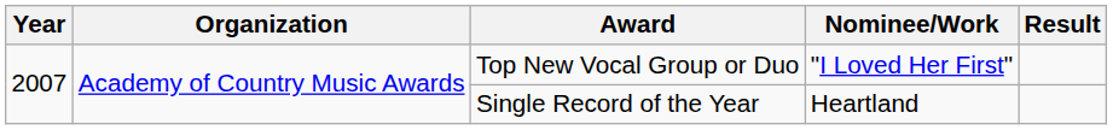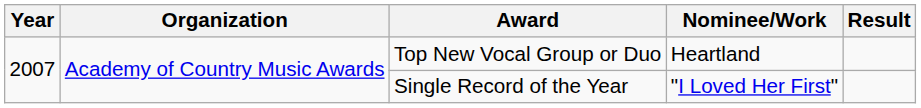 <table class="wikitable">
 <tr>
 <th>Year</th>
 <th>Organization</th>
 <th>Award</th>
 <th>Nominee/Work</th>
 <th>Result</th>
 </tr>
 <tr>
 <td rowspan=2>2007</td>
 <td rowspan=2><a href='#'>Academy of Country Music Awards</a></td>
 <td>Top New Vocal Group or Duo</td>
-<td>"<a href='#'>I Loved Her First</a>"</td>
+<td>Heartland</td>
 <td></td>
 </tr>
 <tr>
 <td>Single Record of the Year</td>
-<td>Heartland</td>
+<td>"<a href='#'>I Loved Her First</a>"</td>
 <td></td>
 </tr>
 </table>
